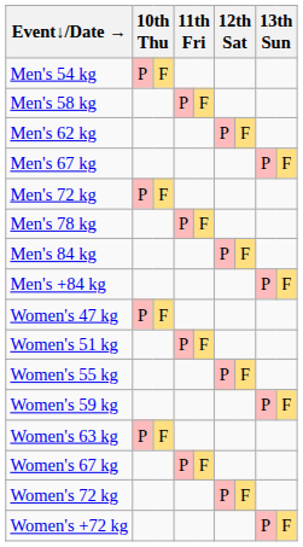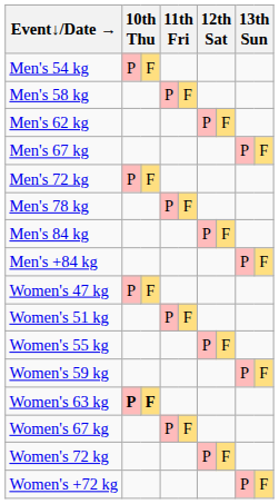 <table class="wikitable" style="margin:0.5em auto; font-size:90%; line-height:1.25em; text-align:center;">
 <tr>
 <th>Event↓/Date →</th>
 <th colspan=2>10th<br>Thu</th>
 <th colspan=2>11th<br>Fri</th>
 <th colspan=2>12th<br>Sat</th>
 <th colspan=2>13th<br>Sun</th>
 </tr>
 <tr>
 <td align="left"><a href='#'>Men's 54 kg</a></td>
 <td bgcolor="#FFBBBB">P</td>
 <td bgcolor="#FFDF80">F</td>
 <td colspan=2></td>
 <td colspan=2></td>
 <td colspan=2></td>
 </tr>
 <tr>
 <td align="left"><a href='#'>Men's 58 kg</a></td>
 <td colspan=2></td>
 <td bgcolor="#FFBBBB">P</td>
 <td bgcolor="#FFDF80">F</td>
 <td colspan=2></td>
 <td colspan=2></td>
 </tr>
 <tr>
 <td align="left"><a href='#'>Men's 62 kg</a></td>
 <td colspan=2></td>
 <td colspan=2></td>
 <td bgcolor="#FFBBBB">P</td>
 <td bgcolor="#FFDF80">F</td>
 <td colspan=2></td>
 </tr>
 <tr>
 <td align="left"><a href='#'>Men's 67 kg</a></td>
 <td colspan=2></td>
 <td colspan=2></td>
 <td colspan=2></td>
 <td bgcolor="#FFBBBB">P</td>
 <td bgcolor="#FFDF80">F</td>
 </tr>
 <tr>
 <td align="left"><a href='#'>Men's 72 kg</a></td>
 <td bgcolor="#FFBBBB">P</td>
 <td bgcolor="#FFDF80">F</td>
 <td colspan=2></td>
 <td colspan=2></td>
 <td colspan=2></td>
 </tr>
 <tr>
 <td align="left"><a href='#'>Men's 78 kg</a></td>
 <td colspan=2></td>
 <td bgcolor="#FFBBBB">P</td>
 <td bgcolor="#FFDF80">F</td>
 <td colspan=2></td>
 <td colspan=2></td>
 </tr>
 <tr>
 <td align="left"><a href='#'>Men's 84 kg</a></td>
 <td colspan=2></td>
 <td colspan=2></td>
 <td bgcolor="#FFBBBB">P</td>
 <td bgcolor="#FFDF80">F</td>
 <td colspan=2></td>
 </tr>
 <tr>
 <td align="left"><a href='#'>Men's +84 kg</a></td>
 <td colspan=2></td>
 <td colspan=2></td>
 <td colspan=2></td>
 <td bgcolor="#FFBBBB">P</td>
 <td bgcolor="#FFDF80">F</td>
 </tr>
 <tr>
 <td align="left"><a href='#'>Women's 47 kg</a></td>
 <td bgcolor="#FFBBBB">P</td>
 <td bgcolor="#FFDF80">F</td>
 <td colspan=2></td>
 <td colspan=2></td>
 <td colspan=2></td>
 </tr>
 <tr>
 <td align="left"><a href='#'>Women's 51 kg</a></td>
 <td colspan=2></td>
 <td bgcolor="#FFBBBB">P</td>
 <td bgcolor="#FFDF80">F</td>
 <td colspan=2></td>
 <td colspan=2></td>
 </tr>
 <tr>
 <td align="left"><a href='#'>Women's 55 kg</a></td>
 <td colspan=2></td>
 <td colspan=2></td>
 <td bgcolor="#FFBBBB">P</td>
 <td bgcolor="#FFDF80">F</td>
 <td colspan=2></td>
 </tr>
 <tr>
 <td align="left"><a href='#'>Women's 59 kg</a></td>
 <td colspan=2></td>
 <td colspan=2></td>
 <td colspan=2></td>
 <td bgcolor="#FFBBBB">P</td>
 <td bgcolor="#FFDF80">F</td>
 </tr>
 <tr>
 <td align="left"><a href='#'>Women's 63 kg</a></td>
-<td bgcolor="#FFBBBB">P</td>
-<td bgcolor="#FFDF80">F</td>
+<td bgcolor="#FFBBBB"><strong>P</strong></td>
+<td bgcolor="#FFDF80"><strong>F</strong></td>
 <td colspan=2></td>
 <td colspan=2></td>
 <td colspan=2></td>
 </tr>
 <tr>
 <td align="left"><a href='#'>Women's 67 kg</a></td>
 <td colspan=2></td>
 <td bgcolor="#FFBBBB">P</td>
 <td bgcolor="#FFDF80">F</td>
 <td colspan=2></td>
 <td colspan=2></td>
 </tr>
 <tr>
 <td align="left"><a href='#'>Women's 72 kg</a></td>
 <td colspan=2></td>
 <td colspan=2></td>
 <td bgcolor="#FFBBBB">P</td>
 <td bgcolor="#FFDF80">F</td>
 <td colspan=2></td>
 </tr>
 <tr>
 <td align="left"><a href='#'>Women's +72 kg</a></td>
 <td colspan=2></td>
 <td colspan=2></td>
 <td colspan=2></td>
 <td bgcolor="#FFBBBB">P</td>
 <td bgcolor="#FFDF80">F</td>
 </tr>
 </table>
